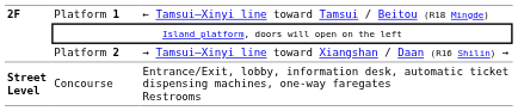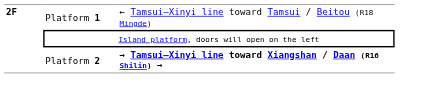 <table table border=0 cellspacing=0 cellpadding=3>
 <tr>
 <td style="border-top:solid 1px gray;border-bottom:solid 1px gray;" width=50 rowspan=3 valign=top><strong>2F</strong></td>
 <td style="border-top:solid 1px gray;" width=100>Platform <span><strong>1</strong></span></td>
 <td style="border-top:solid 1px gray;" width=390>←  <a href='#'>Tamsui–Xinyi line</a> toward <a href='#'>Tamsui</a> / <a href='#'>Beitou</a> <small> (R18 <a href='#'>Mingde</a>)</small></td>
 </tr>
 <tr>
 <td style="border-top:solid 2px black;border-right:solid 2px black;border-left:solid 2px black;border-bottom:solid 2px black;text-align:center;" colspan=2><small><a href='#'>Island platform</a>, doors will open on the left</small></td>
 </tr>
 <tr>
 <td style="border-bottom:solid 1px gray;">Platform <span><strong>2</strong></span></td>
-<td style="border-bottom:solid 1px gray;"><span>→</span>  <a href='#'>Tamsui–Xinyi line</a> toward <a href='#'>Xiangshan</a> / <a href='#'>Daan</a> <small>(R16 <a href='#'>Shilin</a>)</small> →</td>
-</tr>
-<tr>
-<td style="border-bottom:solid 1px gray;" width=50><strong>Street Level</strong></td>
-<td style="border-bottom:solid 1px gray;" width=100>Concourse</td>
-<td style="border-bottom:solid 1px gray;" width=440>Entrance/Exit, lobby, information desk, automatic ticket dispensing machines, one-way faregates<br>Restrooms</td>
+<td style="border-bottom:solid 1px gray;"><strong><span>→</span>  <a href='#'>Tamsui–Xinyi line</a> toward <a href='#'>Xiangshan</a> / <a href='#'>Daan</a> <small>(R16 <a href='#'>Shilin</a>)</small> →</strong></td>
 </tr>
 </table>
